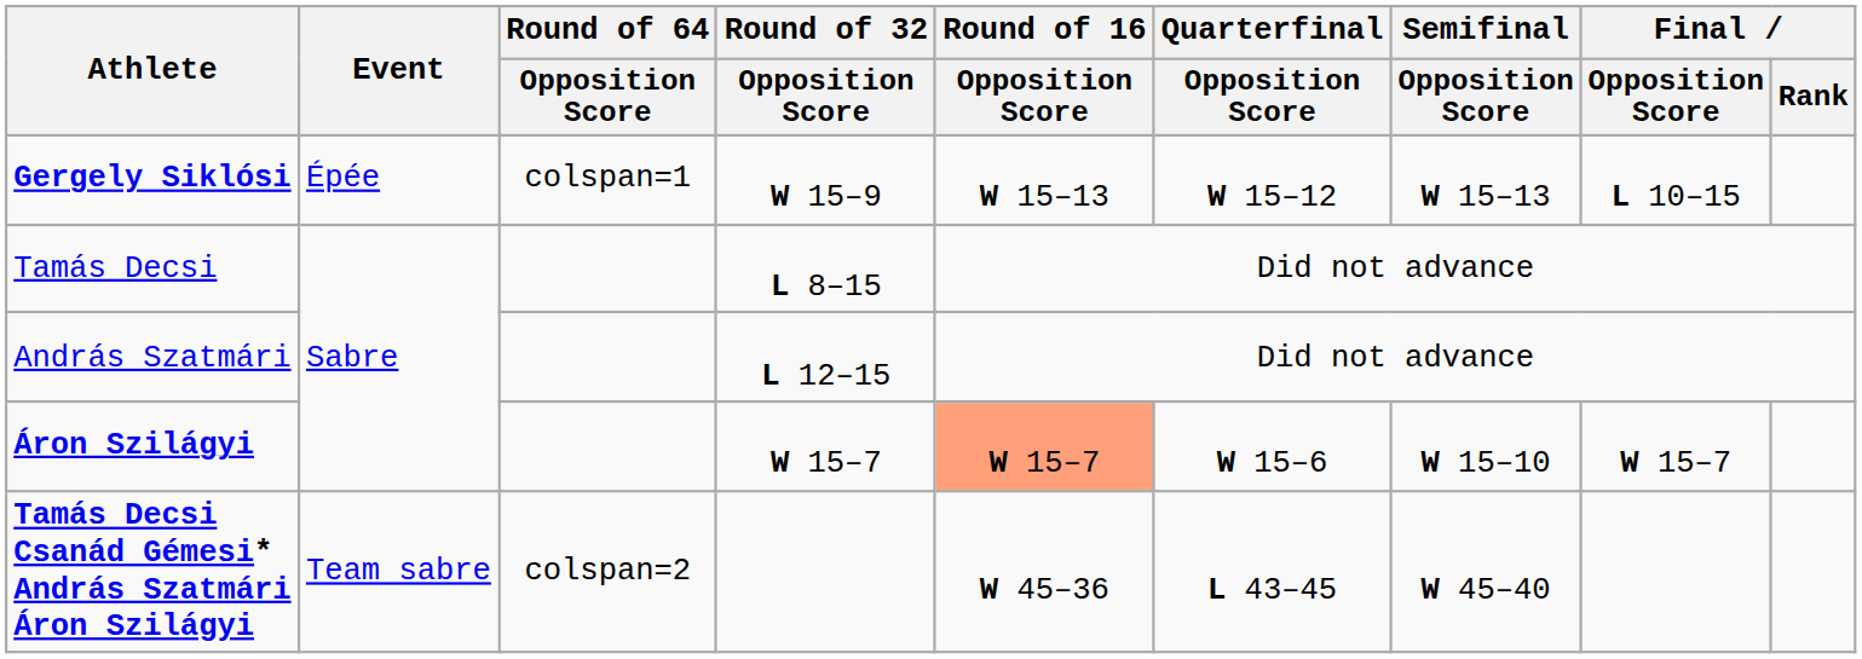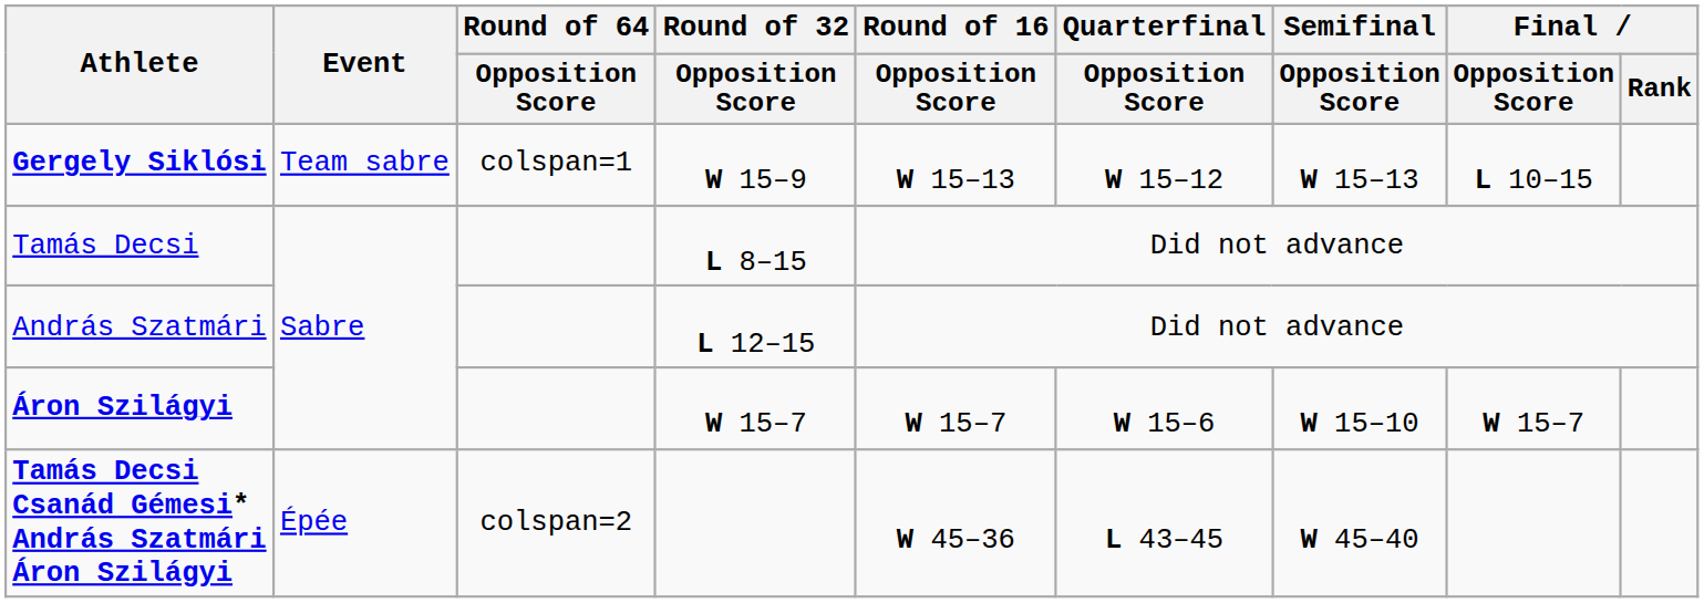 <table class="wikitable" style="font-size:90%">
 <tr>
 <th rowspan="2">Athlete</th>
 <th rowspan="2">Event</th>
 <th>Round of 64</th>
 <th>Round of 32</th>
 <th>Round of 16</th>
 <th>Quarterfinal</th>
 <th>Semifinal</th>
 <th colspan=2>Final / </th>
 </tr>
 <tr style="font-size:95%">
 <th>Opposition <br> Score</th>
 <th>Opposition <br> Score</th>
 <th>Opposition <br> Score</th>
 <th>Opposition <br> Score</th>
 <th>Opposition <br> Score</th>
 <th>Opposition <br> Score</th>
 <th>Rank</th>
 </tr>
 <tr align=center>
 <td align=left><strong><a href='#'>Gergely Siklósi</a></strong></td>
-<td align=left><a href='#'>Épée</a></td>
+<td align=left><a href='#'>Team sabre</a></td>
 <td>colspan=1 </td>
 <td><br><strong>W</strong> 15–9</td>
 <td><br><strong>W</strong> 15–13</td>
 <td><br><strong>W</strong> 15–12</td>
 <td><br><strong>W</strong> 15–13</td>
 <td><br><strong>L</strong> 10–15</td>
 <td></td>
 </tr>
 <tr align=center>
 <td align=left><a href='#'>Tamás Decsi</a></td>
 <td align=left rowspan=3><a href='#'>Sabre</a></td>
 <td></td>
 <td><br><strong>L</strong> 8–15</td>
 <td colspan=5>Did not advance</td>
 </tr>
 <tr align=center>
 <td align=left><a href='#'>András Szatmári</a></td>
 <td></td>
 <td><br><strong>L</strong> 12–15</td>
 <td colspan=5>Did not advance</td>
 </tr>
 <tr align=center>
 <td align=left><strong><a href='#'>Áron Szilágyi</a></strong></td>
 <td></td>
 <td><br><strong>W</strong> 15–7</td>
-<td style="background: lightsalmon;"><br><strong>W</strong> 15–7</td>
+<td><br><strong>W</strong> 15–7</td>
 <td><br><strong>W</strong> 15–6</td>
 <td><br><strong>W</strong> 15–10</td>
 <td><br><strong>W</strong> 15–7</td>
 <td></td>
 </tr>
 <tr align=center>
 <td align=left><strong><a href='#'>Tamás Decsi</a><br><a href='#'>Csanád Gémesi</a>*<br><a href='#'>András Szatmári</a><br><a href='#'>Áron Szilágyi</a></strong></td>
-<td align=left><a href='#'>Team sabre</a></td>
+<td align=left><a href='#'>Épée</a></td>
 <td>colspan=2 </td>
 <td></td>
 <td><br><strong>W</strong> 45–36</td>
 <td><br><strong>L</strong> 43–45</td>
 <td><br><strong>W</strong> 45–40</td>
 <td></td>
 </tr>
 </table>
